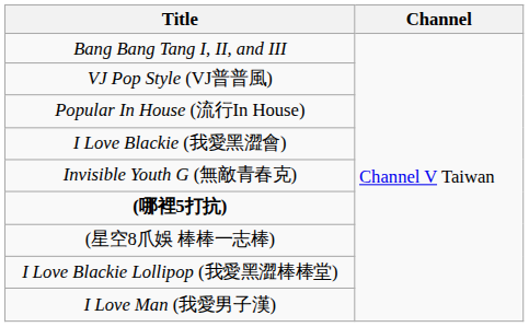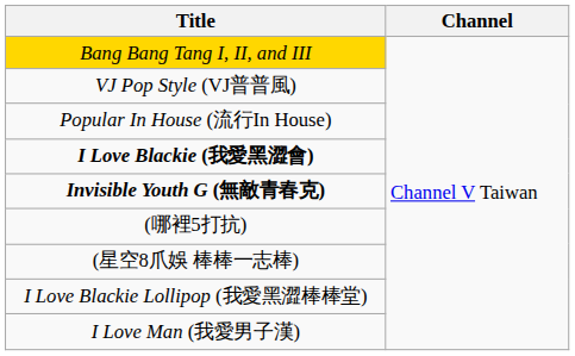 <table class="wikitable">
 <tr>
 <th style="width:300px;">Title</th>
 <th style="width:140px;">Channel</th>
 </tr>
 <tr>
-<td style="text-align:center"><em>Bang Bang Tang I, II, and III</em></td>
+<td style="background: gold; text-align:center"><em>Bang Bang Tang I, II, and III</em></td>
 <td rowspan=10><a href='#'>Channel V</a> Taiwan</td>
 </tr>
 <tr>
 <td style="text-align:center"><em>VJ Pop Style</em> (VJ普普風)</td>
 </tr>
 <tr>
 <td style="text-align:center"><em>Popular In House</em> (流行In House)</td>
 </tr>
 <tr>
-<td style="text-align:center"><em>I Love Blackie</em> (我愛黑澀會)</td>
+<td style="text-align:center"><strong><em>I Love Blackie</em> (我愛黑澀會)</strong></td>
 </tr>
 <tr>
-<td style="text-align:center"><em>Invisible Youth G</em> (無敵青春克)</td>
+<td style="text-align:center"><strong><em>Invisible Youth G</em> (無敵青春克)</strong></td>
 </tr>
 <tr>
-<td style="text-align:center"><strong>(哪裡5打抗)</strong></td>
+<td style="text-align:center">(哪裡5打抗)</td>
 </tr>
 <tr>
 <td style="text-align:center">(星空8爪娛 棒棒一志棒)</td>
 </tr>
 <tr>
 <td style="text-align:center"><em>I Love Blackie Lollipop</em> (我愛黑澀棒棒堂)</td>
 </tr>
 <tr>
 <td style="text-align:center"><em>I Love Man</em> (我愛男子漢)</td>
 </tr>
 </table>
